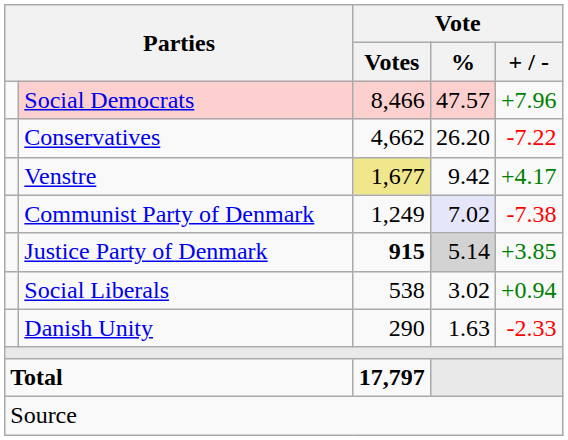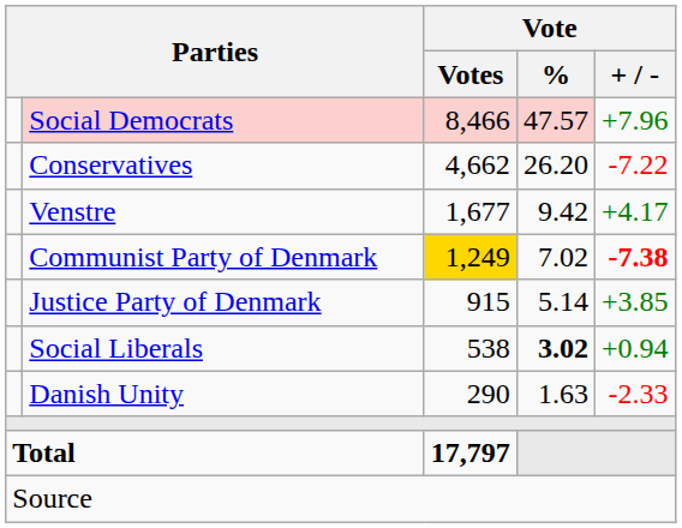 <table class="wikitable" style="text-align:right;">
 <tr>
 <th style="text-align:centre;" rowspan="2" colspan="2" width="225">Parties</th>
 <th colspan="3">Vote</th>
 </tr>
 <tr>
 <th width="15">Votes</th>
 <th width="15">%</th>
 <th width="15">+ / -</th>
 </tr>
 <tr>
 <td width="2" style="color:inherit;background:"></td>
 <td bgcolor=#fbd0ce  align="left"><a href='#'>Social Democrats</a></td>
 <td bgcolor=#fbd0ce>8,466</td>
 <td bgcolor=#fbd0ce>47.57</td>
 <td style=color:green;>+7.96</td>
 </tr>
 <tr>
 <td width="2" style="color:inherit;background:"></td>
 <td align="left"><a href='#'>Conservatives</a></td>
 <td>4,662</td>
 <td>26.20</td>
 <td style=color:red;>-7.22</td>
 </tr>
 <tr>
 <td width="2" style="color:inherit;background:"></td>
 <td align="left"><a href='#'>Venstre</a></td>
-<td style="background: khaki;">1,677</td>
+<td>1,677</td>
 <td>9.42</td>
 <td style=color:green;>+4.17</td>
 </tr>
 <tr>
 <td width="2" style="color:inherit;background:"></td>
 <td align="left"><a href='#'>Communist Party of Denmark</a></td>
-<td>1,249</td>
-<td style="background: lavender;">7.02</td>
-<td style=color:red;>-7.38</td>
+<td style="background: gold;">1,249</td>
+<td>7.02</td>
+<td style=color:red;><strong>-7.38</strong></td>
 </tr>
 <tr>
 <td width="2" style="color:inherit;background:"></td>
 <td align="left"><a href='#'>Justice Party of Denmark</a></td>
-<td><strong>915</strong></td>
-<td style="background: lightgrey;">5.14</td>
+<td>915</td>
+<td>5.14</td>
 <td style=color:green;>+3.85</td>
 </tr>
 <tr>
 <td width="2" style="color:inherit;background:"></td>
 <td align="left"><a href='#'>Social Liberals</a></td>
 <td>538</td>
-<td>3.02</td>
+<td><strong>3.02</strong></td>
 <td style=color:green;>+0.94</td>
 </tr>
 <tr>
 <td width="2" style="color:inherit;background:"></td>
 <td align="left"><a href='#'>Danish Unity</a></td>
 <td>290</td>
 <td>1.63</td>
 <td style=color:red;>-2.33</td>
 </tr>
 <tr>
 <td colspan="7" bgcolor="#E9E9E9"></td>
 </tr>
 <tr>
 <td align="left" colspan="2"><strong>Total</strong></td>
 <td><strong>17,797</strong></td>
 <td bgcolor="#E9E9E9" colspan="2"></td>
 </tr>
 <tr>
 <td align="left" colspan="6">Source</td>
 </tr>
 </table>
